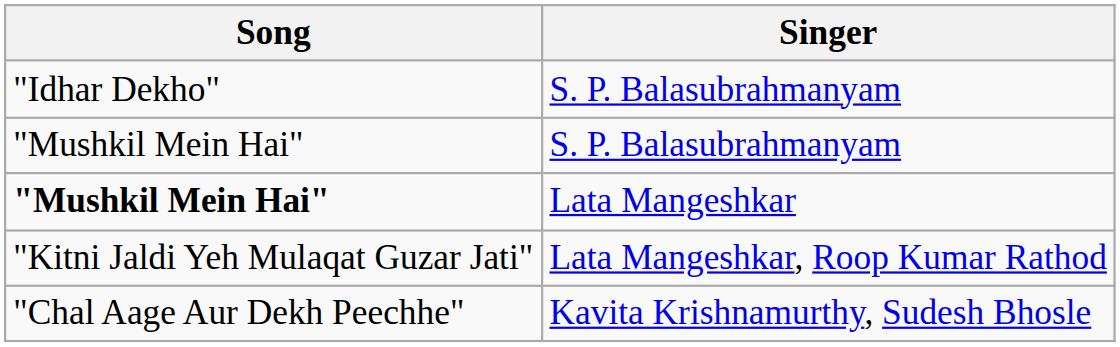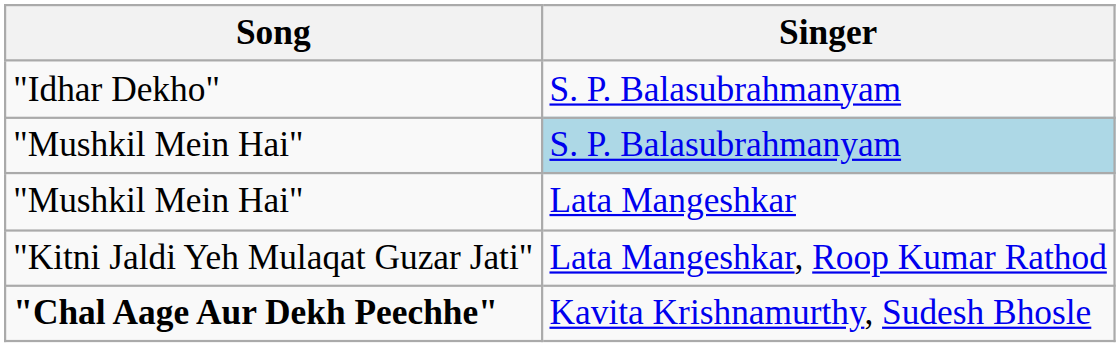 <table class="wikitable">
 <tr>
 <th>Song</th>
 <th>Singer</th>
 </tr>
 <tr>
 <td>"Idhar Dekho"</td>
 <td><a href='#'>S. P. Balasubrahmanyam</a></td>
 </tr>
 <tr>
 <td>"Mushkil Mein Hai"</td>
-<td><a href='#'>S. P. Balasubrahmanyam</a></td>
+<td style="background: lightblue;"><a href='#'>S. P. Balasubrahmanyam</a></td>
 </tr>
 <tr>
-<td><strong>"Mushkil Mein Hai"</strong></td>
+<td>"Mushkil Mein Hai"</td>
 <td><a href='#'>Lata Mangeshkar</a></td>
 </tr>
 <tr>
 <td>"Kitni Jaldi Yeh Mulaqat Guzar Jati"</td>
 <td><a href='#'>Lata Mangeshkar</a>, <a href='#'>Roop Kumar Rathod</a></td>
 </tr>
 <tr>
-<td>"Chal Aage Aur Dekh Peechhe"</td>
+<td><strong>"Chal Aage Aur Dekh Peechhe"</strong></td>
 <td><a href='#'>Kavita Krishnamurthy</a>, <a href='#'>Sudesh Bhosle</a></td>
 </tr>
 </table>
